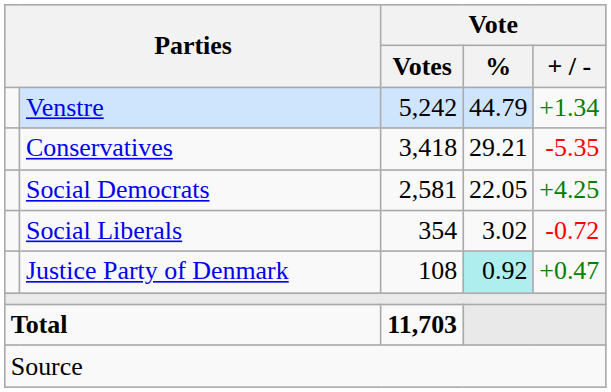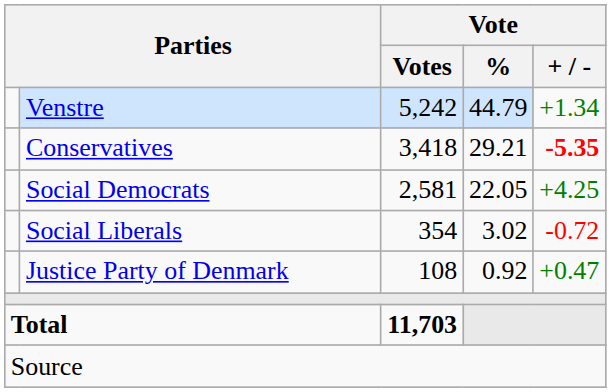 <table class="wikitable" style="text-align:right;">
 <tr>
 <th style="text-align:centre;" rowspan="2" colspan="2" width="225">Parties</th>
 <th colspan="3">Vote</th>
 </tr>
 <tr>
 <th width="15">Votes</th>
 <th width="15">%</th>
 <th width="15">+ / -</th>
 </tr>
 <tr>
 <td width="2" style="color:inherit;background:"></td>
 <td bgcolor=#cfe5fe  align="left"><a href='#'>Venstre</a></td>
 <td bgcolor=#cfe5fe>5,242</td>
 <td bgcolor=#cfe5fe>44.79</td>
 <td style=color:green;>+1.34</td>
 </tr>
 <tr>
 <td width="2" style="color:inherit;background:"></td>
 <td align="left"><a href='#'>Conservatives</a></td>
 <td>3,418</td>
 <td>29.21</td>
-<td style=color:red;>-5.35</td>
+<td style=color:red;><strong>-5.35</strong></td>
 </tr>
 <tr>
 <td width="2" style="color:inherit;background:"></td>
 <td align="left"><a href='#'>Social Democrats</a></td>
 <td>2,581</td>
 <td>22.05</td>
 <td style=color:green;>+4.25</td>
 </tr>
 <tr>
 <td width="2" style="color:inherit;background:"></td>
 <td align="left"><a href='#'>Social Liberals</a></td>
 <td>354</td>
 <td>3.02</td>
 <td style=color:red;>-0.72</td>
 </tr>
 <tr>
 <td width="2" style="color:inherit;background:"></td>
 <td align="left"><a href='#'>Justice Party of Denmark</a></td>
 <td>108</td>
-<td style="background: paleturquoise;">0.92</td>
+<td>0.92</td>
 <td style=color:green;>+0.47</td>
 </tr>
 <tr>
 <td colspan="7" bgcolor="#E9E9E9"></td>
 </tr>
 <tr>
 <td align="left" colspan="2"><strong>Total</strong></td>
 <td><strong>11,703</strong></td>
 <td bgcolor="#E9E9E9" colspan="2"></td>
 </tr>
 <tr>
 <td align="left" colspan="6">Source</td>
 </tr>
 </table>
